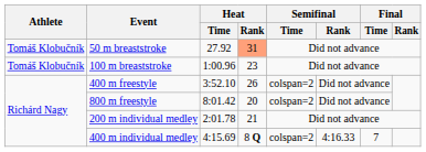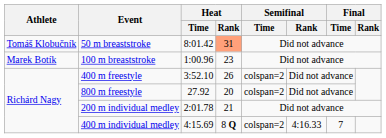 <table class=wikitable style="font-size:90%">
 <tr>
 <th rowspan="2">Athlete</th>
 <th rowspan="2">Event</th>
 <th colspan="2">Heat</th>
 <th colspan="2">Semifinal</th>
 <th colspan="2">Final</th>
 </tr>
 <tr style="font-size:95%">
 <th>Time</th>
 <th>Rank</th>
 <th>Time</th>
 <th>Rank</th>
 <th>Time</th>
 <th>Rank</th>
 </tr>
 <tr align=center>
 <td align=left><a href='#'>Tomáš Klobučník</a></td>
 <td align=left><a href='#'>50 m breaststroke</a></td>
-<td>27.92</td>
+<td>8:01.42</td>
 <td style="background: lightsalmon;">31</td>
 <td colspan=4>Did not advance</td>
 </tr>
 <tr align=center>
-<td align=left><a href='#'>Tomáš Klobučník</a></td>
+<td align=left><a href='#'>Marek Botík</a></td>
 <td align=left><a href='#'>100 m breaststroke</a></td>
 <td>1:00.96</td>
 <td>23</td>
 <td colspan=4>Did not advance</td>
 </tr>
 <tr align=center>
 <td align=left rowspan=4><a href='#'>Richárd Nagy</a></td>
 <td align=left><a href='#'>400 m freestyle</a></td>
 <td>3:52.10</td>
 <td>26</td>
 <td>colspan=2 </td>
 <td colspan=2>Did not advance</td>
 </tr>
 <tr align=center>
 <td align=left><a href='#'>800 m freestyle</a></td>
-<td>8:01.42</td>
+<td>27.92</td>
 <td>20</td>
 <td>colspan=2 </td>
 <td colspan=2>Did not advance</td>
 </tr>
 <tr align=center>
 <td align=left><a href='#'>200 m individual medley</a></td>
 <td>2:01.78</td>
 <td>21</td>
 <td colspan=4>Did not advance</td>
 </tr>
 <tr align=center>
 <td align=left><a href='#'>400 m individual medley</a></td>
 <td>4:15.69</td>
 <td>8 <strong>Q</strong></td>
 <td>colspan=2 </td>
 <td>4:16.33</td>
 <td>7</td>
 </tr>
 </table>
